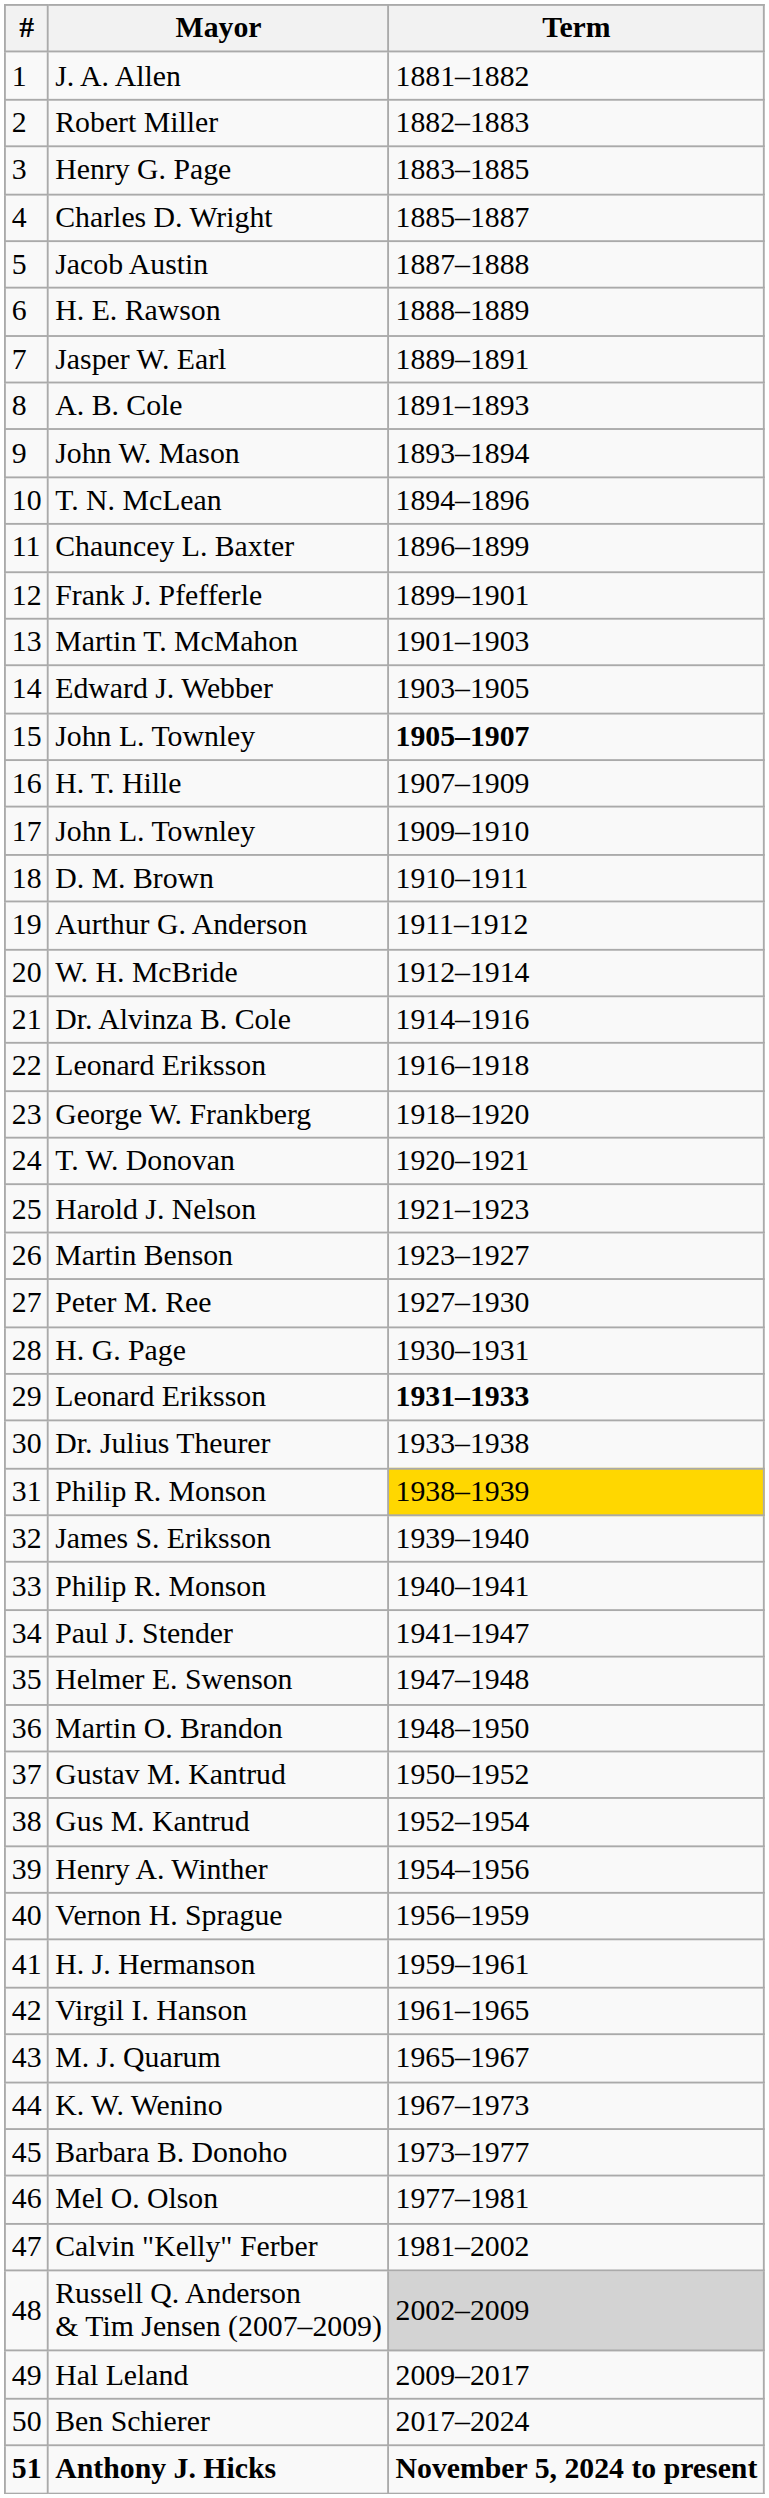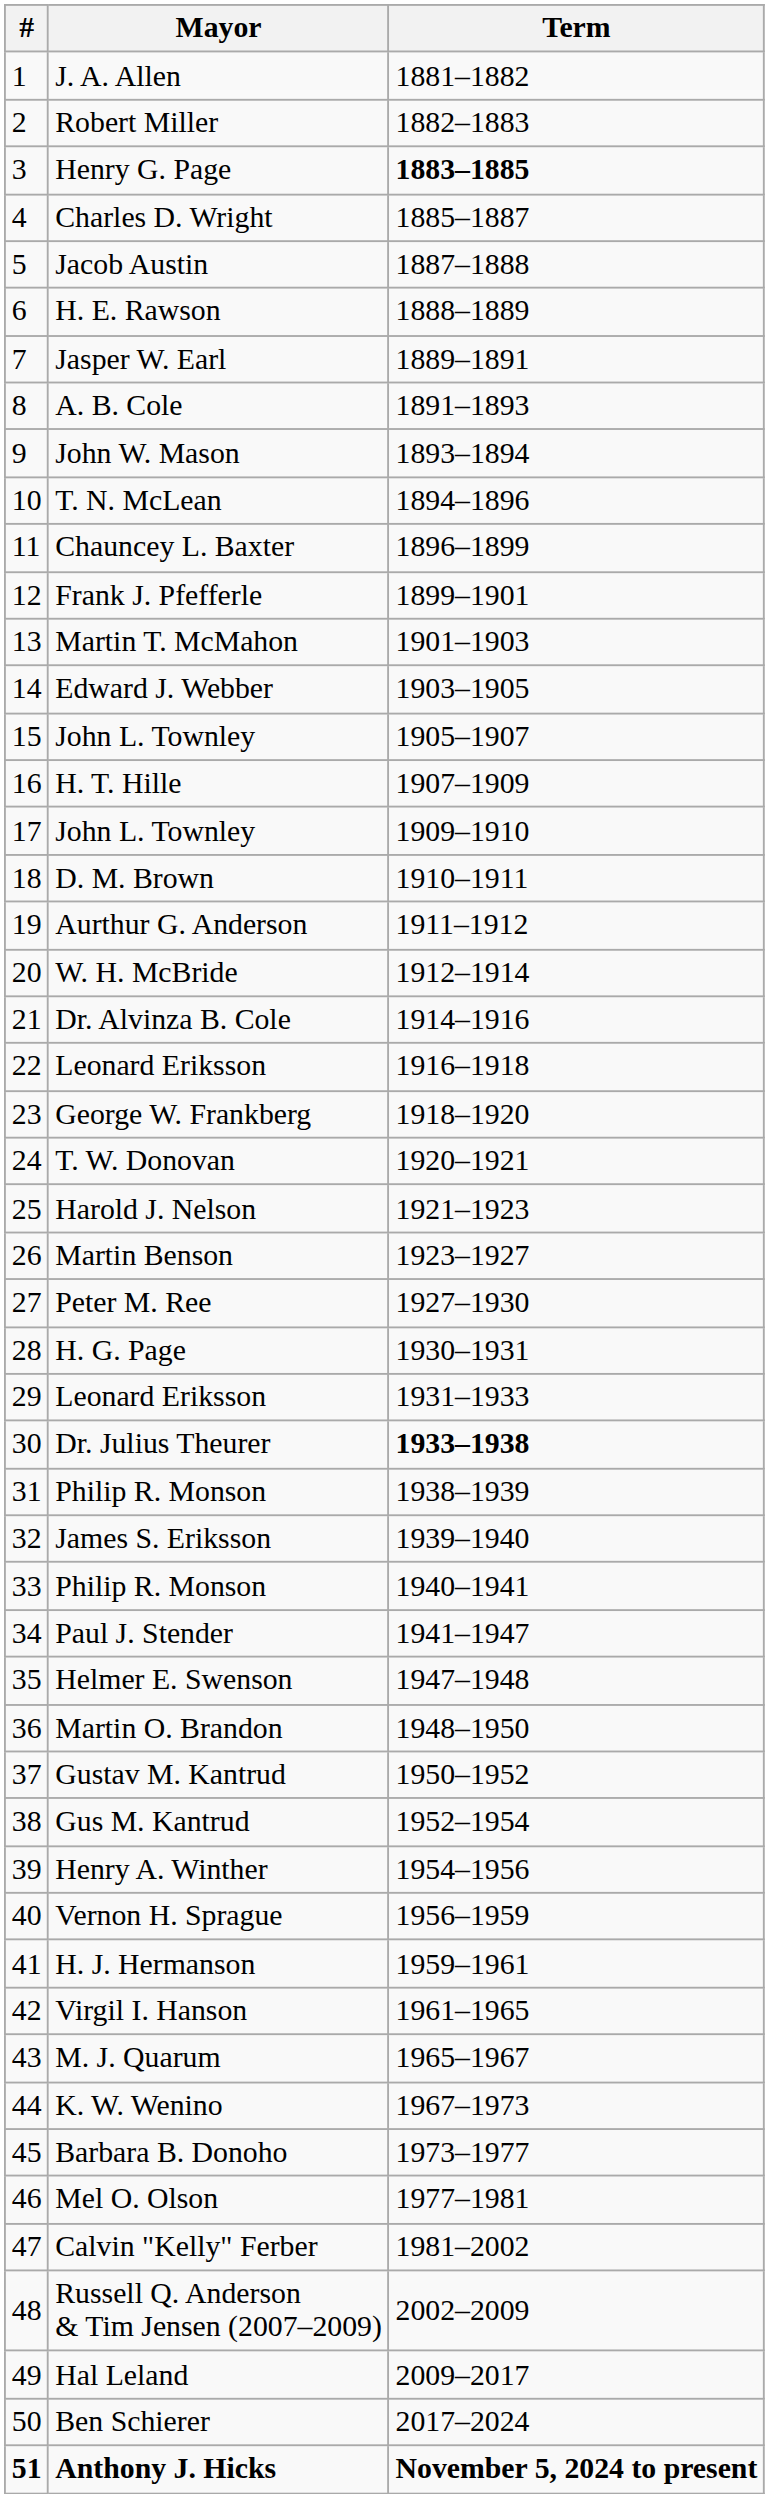 <table class="wikitable">
 <tr>
 <th>#</th>
 <th>Mayor</th>
 <th>Term</th>
 </tr>
 <tr>
 <td>1</td>
 <td>J. A. Allen</td>
 <td>1881–1882</td>
 </tr>
 <tr>
 <td>2</td>
 <td>Robert Miller</td>
 <td>1882–1883</td>
 </tr>
 <tr>
 <td>3</td>
 <td>Henry G. Page</td>
-<td>1883–1885</td>
+<td><strong>1883–1885</strong></td>
 </tr>
 <tr>
 <td>4</td>
 <td>Charles D. Wright</td>
 <td>1885–1887</td>
 </tr>
 <tr>
 <td>5</td>
 <td>Jacob Austin</td>
 <td>1887–1888</td>
 </tr>
 <tr>
 <td>6</td>
 <td>H. E. Rawson</td>
 <td>1888–1889</td>
 </tr>
 <tr>
 <td>7</td>
 <td>Jasper W. Earl</td>
 <td>1889–1891</td>
 </tr>
 <tr>
 <td>8</td>
 <td>A. B. Cole</td>
 <td>1891–1893</td>
 </tr>
 <tr>
 <td>9</td>
 <td>John W. Mason</td>
 <td>1893–1894</td>
 </tr>
 <tr>
 <td>10</td>
 <td>T. N. McLean</td>
 <td>1894–1896</td>
 </tr>
 <tr>
 <td>11</td>
 <td>Chauncey L. Baxter</td>
 <td>1896–1899</td>
 </tr>
 <tr>
 <td>12</td>
 <td>Frank J. Pfefferle</td>
 <td>1899–1901</td>
 </tr>
 <tr>
 <td>13</td>
 <td>Martin T. McMahon</td>
 <td>1901–1903</td>
 </tr>
 <tr>
 <td>14</td>
 <td>Edward J. Webber</td>
 <td>1903–1905</td>
 </tr>
 <tr>
 <td>15</td>
 <td>John L. Townley</td>
-<td><strong>1905–1907</strong></td>
+<td>1905–1907</td>
 </tr>
 <tr>
 <td>16</td>
 <td>H. T. Hille</td>
 <td>1907–1909</td>
 </tr>
 <tr>
 <td>17</td>
 <td>John L. Townley</td>
 <td>1909–1910</td>
 </tr>
 <tr>
 <td>18</td>
 <td>D. M. Brown</td>
 <td>1910–1911</td>
 </tr>
 <tr>
 <td>19</td>
 <td>Aurthur G. Anderson</td>
 <td>1911–1912</td>
 </tr>
 <tr>
 <td>20</td>
 <td>W. H. McBride</td>
 <td>1912–1914</td>
 </tr>
 <tr>
 <td>21</td>
 <td>Dr. Alvinza B. Cole</td>
 <td>1914–1916</td>
 </tr>
 <tr>
 <td>22</td>
 <td>Leonard Eriksson</td>
 <td>1916–1918</td>
 </tr>
 <tr>
 <td>23</td>
 <td>George W. Frankberg</td>
 <td>1918–1920</td>
 </tr>
 <tr>
 <td>24</td>
 <td>T. W. Donovan</td>
 <td>1920–1921</td>
 </tr>
 <tr>
 <td>25</td>
 <td>Harold J. Nelson</td>
 <td>1921–1923</td>
 </tr>
 <tr>
 <td>26</td>
 <td>Martin Benson</td>
 <td>1923–1927</td>
 </tr>
 <tr>
 <td>27</td>
 <td>Peter M. Ree</td>
 <td>1927–1930</td>
 </tr>
 <tr>
 <td>28</td>
 <td>H. G. Page</td>
 <td>1930–1931</td>
 </tr>
 <tr>
 <td>29</td>
 <td>Leonard Eriksson</td>
-<td><strong>1931–1933</strong></td>
+<td>1931–1933</td>
 </tr>
 <tr>
 <td>30</td>
 <td>Dr. Julius Theurer</td>
-<td>1933–1938</td>
+<td><strong>1933–1938</strong></td>
 </tr>
 <tr>
 <td>31</td>
 <td>Philip R. Monson</td>
-<td style="background: gold;">1938–1939</td>
+<td>1938–1939</td>
 </tr>
 <tr>
 <td>32</td>
 <td>James S. Eriksson</td>
 <td>1939–1940</td>
 </tr>
 <tr>
 <td>33</td>
 <td>Philip R. Monson</td>
 <td>1940–1941</td>
 </tr>
 <tr>
 <td>34</td>
 <td>Paul J. Stender</td>
 <td>1941–1947</td>
 </tr>
 <tr>
 <td>35</td>
 <td>Helmer E. Swenson</td>
 <td>1947–1948</td>
 </tr>
 <tr>
 <td>36</td>
 <td>Martin O. Brandon</td>
 <td>1948–1950</td>
 </tr>
 <tr>
 <td>37</td>
 <td>Gustav M. Kantrud</td>
 <td>1950–1952</td>
 </tr>
 <tr>
 <td>38</td>
 <td>Gus M. Kantrud</td>
 <td>1952–1954</td>
 </tr>
 <tr>
 <td>39</td>
 <td>Henry A. Winther</td>
 <td>1954–1956</td>
 </tr>
 <tr>
 <td>40</td>
 <td>Vernon H. Sprague</td>
 <td>1956–1959</td>
 </tr>
 <tr>
 <td>41</td>
 <td>H. J. Hermanson</td>
 <td>1959–1961</td>
 </tr>
 <tr>
 <td>42</td>
 <td>Virgil I. Hanson</td>
 <td>1961–1965</td>
 </tr>
 <tr>
 <td>43</td>
 <td>M. J. Quarum</td>
 <td>1965–1967</td>
 </tr>
 <tr>
 <td>44</td>
 <td>K. W. Wenino</td>
 <td>1967–1973</td>
 </tr>
 <tr>
 <td>45</td>
 <td>Barbara B. Donoho</td>
 <td>1973–1977</td>
 </tr>
 <tr>
 <td>46</td>
 <td>Mel O. Olson</td>
 <td>1977–1981</td>
 </tr>
 <tr>
 <td>47</td>
 <td>Calvin "Kelly" Ferber</td>
 <td>1981–2002</td>
 </tr>
 <tr>
 <td>48</td>
 <td>Russell Q. Anderson<br>& Tim Jensen (2007–2009)</td>
-<td style="background: lightgrey;">2002–2009</td>
+<td>2002–2009</td>
 </tr>
 <tr>
 <td>49</td>
 <td>Hal Leland</td>
 <td>2009–2017</td>
 </tr>
 <tr>
 <td>50</td>
 <td>Ben Schierer</td>
 <td>2017–2024</td>
 </tr>
 <tr>
 <td><strong>51</strong></td>
 <td><strong>Anthony J. Hicks</strong></td>
 <td><strong>November 5, 2024 to present</strong></td>
 </tr>
 </table>
